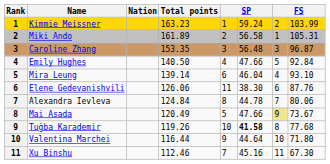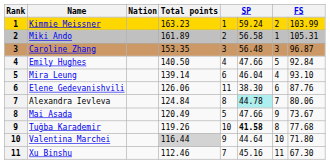 <table class="wikitable">
 <tr>
 <th>Rank</th>
 <th>Name</th>
 <th>Nation</th>
 <th>Total points</th>
 <th colspan="2" width="80px"><a href='#'>SP</a></th>
 <th colspan="2" width="80px"><a href='#'>FS</a></th>
 </tr>
 <tr bgcolor="gold">
 <td align="center"><strong>1</strong></td>
 <td><a href='#'>Kimmie Meissner</a></td>
 <td></td>
 <td>163.23</td>
 <td>1</td>
 <td>59.24</td>
 <td>2</td>
 <td>103.99</td>
 </tr>
 <tr bgcolor="silver">
 <td align="center"><strong>2</strong></td>
 <td><a href='#'>Miki Ando</a></td>
 <td></td>
 <td>161.89</td>
 <td>2</td>
 <td>56.58</td>
 <td>1</td>
 <td>105.31</td>
 </tr>
 <tr bgcolor="cc9966">
 <td align="center"><strong>3</strong></td>
 <td><a href='#'>Caroline Zhang</a></td>
 <td></td>
 <td>153.35</td>
 <td>3</td>
 <td>56.48</td>
 <td>3</td>
 <td>96.87</td>
 </tr>
 <tr>
 <th>4</th>
 <td><a href='#'>Emily Hughes</a></td>
 <td></td>
 <td>140.50</td>
 <td>4</td>
 <td>47.66</td>
 <td>5</td>
 <td>92.84</td>
 </tr>
 <tr>
 <th>5</th>
 <td><a href='#'>Mira Leung</a></td>
 <td></td>
 <td>139.14</td>
 <td>6</td>
 <td>46.04</td>
 <td>4</td>
 <td>93.10</td>
 </tr>
 <tr>
 <th>6</th>
 <td><a href='#'>Elene Gedevanishvili</a></td>
 <td></td>
 <td>126.06</td>
 <td>11</td>
 <td>38.30</td>
 <td>6</td>
 <td>87.76</td>
 </tr>
 <tr>
 <th>7</th>
 <td>Alexandra Ievleva</td>
 <td></td>
 <td>124.84</td>
 <td>8</td>
-<td>44.78</td>
+<td style="background: paleturquoise;">44.78</td>
 <td>7</td>
 <td>80.06</td>
 </tr>
 <tr>
 <th>8</th>
 <td><a href='#'>Mai Asada</a></td>
 <td></td>
 <td>120.49</td>
 <td>5</td>
 <td>47.66</td>
-<td style="background: khaki;">9</td>
+<td>9</td>
 <td>73.67</td>
 </tr>
 <tr>
 <th>9</th>
 <td><a href='#'>Tuğba Karademir</a></td>
 <td></td>
 <td>119.26</td>
 <td>10</td>
 <td><strong>41.58</strong></td>
 <td>8</td>
 <td>77.68</td>
 </tr>
 <tr>
 <th>10</th>
 <td><a href='#'>Valentina Marchei</a></td>
 <td></td>
-<td>116.44</td>
+<td style="background: lightgrey;">116.44</td>
 <td>9</td>
 <td>44.64</td>
 <td>10</td>
 <td>71.80</td>
 </tr>
 <tr>
 <th>11</th>
 <td><a href='#'>Xu Binshu</a></td>
 <td></td>
 <td>112.46</td>
 <td>7</td>
 <td>45.16</td>
 <td>11</td>
 <td>67.30</td>
 </tr>
 </table>
